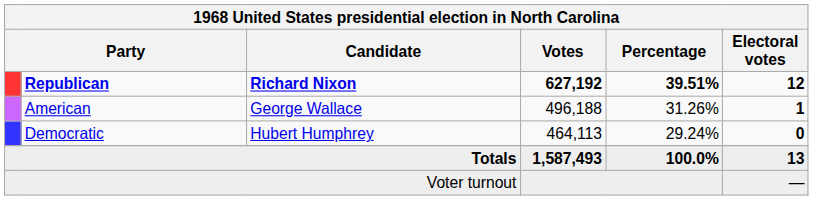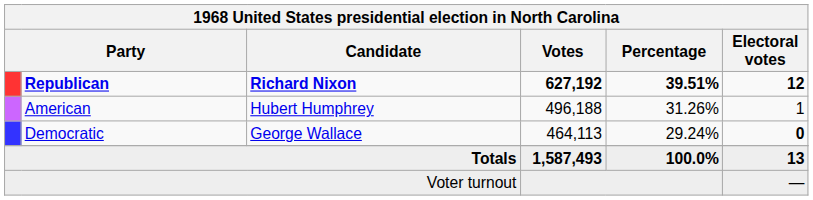 <table class="wikitable nowrap" style="font-size: 95%;">
 <tr>
 <th colspan="6">1968 United States presidential election in North Carolina</th>
 </tr>
 <tr>
 <th colspan="2" style="width: 15em">Party</th>
 <th style="width: 17em">Candidate</th>
 <th style="width: 5em">Votes</th>
 <th style="width: 7em">Percentage</th>
 <th style="width: 5em">Electoral votes</th>
 </tr>
 <tr>
 <th style="background-color:#FF3333; width: 3px"></th>
 <td style="width: 130px"><strong><a href='#'>Republican</a></strong></td>
 <td><strong><a href='#'>Richard Nixon</a></strong></td>
 <td align="right"><strong>627,192</strong></td>
 <td align="right"><strong>39.51%</strong></td>
 <td align="right"><strong>12</strong></td>
 </tr>
 <tr>
 <th style="background-color:#CC66FF; width: 3px"></th>
 <td style="width: 130px"><a href='#'>American</a></td>
-<td><a href='#'>George Wallace</a></td>
+<td><a href='#'>Hubert Humphrey</a></td>
 <td align="right">496,188</td>
 <td align="right">31.26%</td>
-<td align="right"><strong>1</strong></td>
+<td align="right">1</td>
 </tr>
 <tr>
 <th style="background-color:#3333FF; width: 3px"></th>
 <td style="width: 130px"><a href='#'>Democratic</a></td>
-<td><a href='#'>Hubert Humphrey</a></td>
+<td><a href='#'>George Wallace</a></td>
 <td align="right">464,113</td>
 <td align="right">29.24%</td>
 <td align="right"><strong>0</strong></td>
 </tr>
 <tr>
 </tr>
 <tr bgcolor="#EEEEEE">
 <td colspan="3" align="right"><strong>Totals</strong></td>
 <td align="right"><strong>1,587,493</strong></td>
 <td align="right"><strong>100.0%</strong></td>
 <td align="right"><strong>13</strong></td>
 </tr>
 <tr bgcolor="#EEEEEE">
 <td colspan="3" align="right">Voter turnout</td>
 <td colspan="2" align="right"></td>
 <td align="right">—</td>
 </tr>
 </table>
